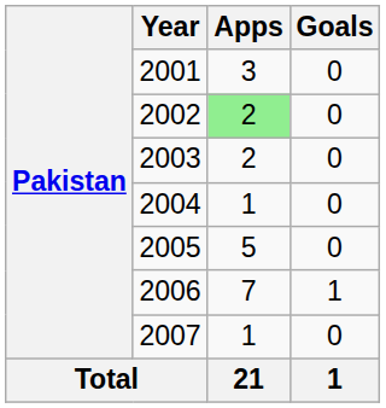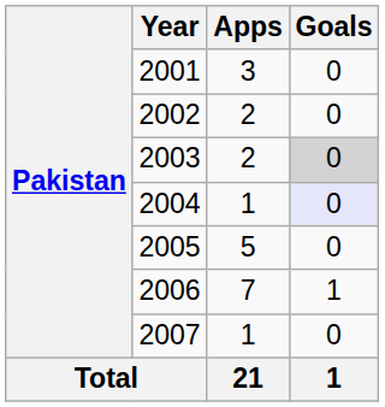 <table class="wikitable" style="text-align:center">
 <tr>
 <th rowspan="8"><a href='#'>Pakistan</a></th>
 <th>Year</th>
 <th>Apps</th>
 <th>Goals</th>
 </tr>
 <tr>
 <td>2001</td>
 <td>3</td>
 <td>0</td>
 </tr>
 <tr>
 <td>2002</td>
-<td style="background: lightgreen;">2</td>
+<td>2</td>
 <td>0</td>
 </tr>
 <tr>
 <td>2003</td>
 <td>2</td>
-<td>0</td>
+<td style="background: lightgrey;">0</td>
 </tr>
 <tr>
 <td>2004</td>
 <td>1</td>
-<td>0</td>
+<td style="background: lavender;">0</td>
 </tr>
 <tr>
 <td>2005</td>
 <td>5</td>
 <td>0</td>
 </tr>
 <tr>
 <td>2006</td>
 <td>7</td>
 <td>1</td>
 </tr>
 <tr>
 <td>2007</td>
 <td>1</td>
 <td>0</td>
 </tr>
 <tr>
 <th colspan="2">Total</th>
 <th>21</th>
 <th>1</th>
 </tr>
 </table>
